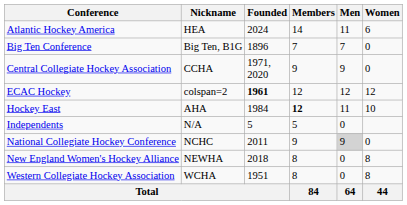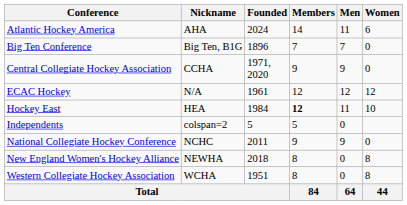 <table class="wikitable sortable">
 <tr>
 <th>Conference</th>
 <th>Nickname</th>
 <th>Founded</th>
 <th>Members</th>
 <th>Men</th>
 <th>Women</th>
 </tr>
 <tr>
 <td><a href='#'>Atlantic Hockey America</a></td>
-<td>HEA</td>
+<td>AHA</td>
 <td>2024</td>
 <td>14</td>
 <td>11</td>
 <td>6</td>
 </tr>
 <tr>
 <td><a href='#'>Big Ten Conference</a></td>
 <td>Big Ten, B1G</td>
 <td>1896</td>
 <td>7</td>
 <td>7</td>
 <td>0</td>
 </tr>
 <tr>
 <td><a href='#'>Central Collegiate Hockey Association</a></td>
 <td>CCHA</td>
 <td>1971,<br>2020</td>
 <td>9</td>
 <td>9</td>
 <td>0</td>
 </tr>
 <tr>
 <td><a href='#'>ECAC Hockey</a></td>
-<td>colspan=2 </td>
-<td><strong>1961</strong></td>
+<td>N/A</td>
+<td>1961</td>
 <td>12</td>
 <td>12</td>
 <td>12</td>
 </tr>
 <tr>
 <td><a href='#'>Hockey East</a></td>
-<td>AHA</td>
+<td>HEA</td>
 <td>1984</td>
 <td><strong>12</strong></td>
 <td>11</td>
 <td>10</td>
 </tr>
 <tr>
 <td><a href='#'>Independents</a></td>
-<td>N/A</td>
+<td>colspan=2 </td>
 <td>5</td>
 <td>5</td>
 <td>0</td>
 </tr>
 <tr>
 <td><a href='#'>National Collegiate Hockey Conference</a></td>
 <td>NCHC</td>
 <td>2011</td>
 <td>9</td>
-<td style="background: lightgrey;">9</td>
+<td>9</td>
 <td>0</td>
 </tr>
 <tr>
 <td><a href='#'>New England Women's Hockey Alliance</a></td>
 <td>NEWHA</td>
 <td>2018</td>
 <td>8</td>
 <td>0</td>
 <td>8</td>
 </tr>
 <tr>
 <td><a href='#'>Western Collegiate Hockey Association</a></td>
 <td>WCHA</td>
 <td>1951</td>
 <td>8</td>
 <td>0</td>
 <td>8</td>
 </tr>
 <tr>
 <th scope=row colspan=3>Total</th>
 <th>84</th>
 <th>64</th>
 <th>44</th>
 </tr>
 </table>
